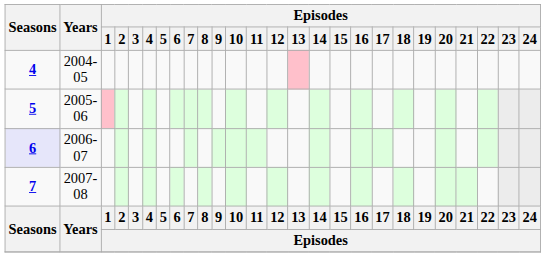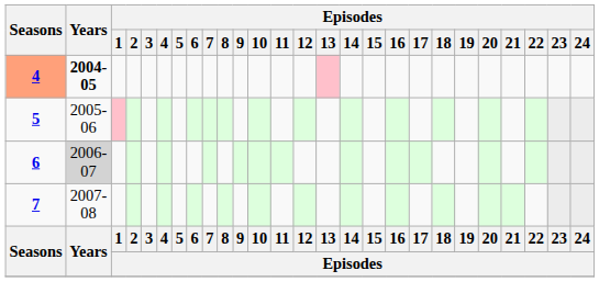 <table class="wikitable" style="text-align:center; margin:auto; width:5%;">
 <tr>
 <th colspan="1" rowspan="2" style="text-align:center;">Seasons</th>
 <th colspan="1" rowspan="2" style="text-align:center;">Years</th>
 <th colspan="24"  style="text-align:center;">Episodes</th>
 </tr>
 <tr>
 <th colspan="1" style="text-align:center;">1</th>
 <th colspan="1" style="text-align:center;">2</th>
 <th colspan="1" style="text-align:center;">3</th>
 <th colspan="1" style="text-align:center;">4</th>
 <th colspan="1" style="text-align:center;">5</th>
 <th colspan="1" style="text-align:center;">6</th>
 <th colspan="1" style="text-align:center;">7</th>
 <th colspan="1" style="text-align:center;">8</th>
 <th colspan="1" style="text-align:center;">9</th>
 <th colspan="1" style="text-align:center;">10</th>
 <th colspan="1" style="text-align:center;">11</th>
 <th colspan="1" style="text-align:center;">12</th>
 <th colspan="1" style="text-align:center;">13</th>
 <th colspan="1" style="text-align:center;">14</th>
 <th colspan="1" style="text-align:center;">15</th>
 <th colspan="1" style="text-align:center;">16</th>
 <th colspan="1" style="text-align:center;">17</th>
 <th colspan="1" style="text-align:center;">18</th>
 <th colspan="1" style="text-align:center;">19</th>
 <th colspan="1" style="text-align:center;">20</th>
 <th colspan="1" style="text-align:center;">21</th>
 <th colspan="1" style="text-align:center;">22</th>
 <th colspan="1" style="text-align:center;">23</th>
 <th colspan="1" style="text-align:center;">24</th>
 </tr>
 <tr>
-<td><strong><a href='#'>4</a></strong></td>
-<td>2004-05</td>
+<td style="background: lightsalmon;"><strong><a href='#'>4</a></strong></td>
+<td><strong>2004-05</strong></td>
 <td></td>
 <td></td>
 <td></td>
 <td></td>
 <td></td>
 <td></td>
 <td></td>
 <td></td>
 <td></td>
 <td></td>
 <td></td>
 <td></td>
 <td colspan="1" style="background: pink"> </td>
 <td></td>
 <td></td>
 <td></td>
 <td></td>
 <td></td>
 <td></td>
 <td></td>
 <td></td>
 <td></td>
 <td></td>
 <td></td>
 </tr>
 <tr>
 <td><strong><a href='#'>5</a></strong></td>
 <td>2005-06</td>
 <td colspan="1" style="background: pink"> </td>
 <td colspan="1" style="background:#dfd; text-align:center;"></td>
 <td></td>
 <td colspan="1" style="background:#dfd; text-align:center;"></td>
 <td></td>
 <td colspan="1" style="background:#dfd; text-align:center;"></td>
 <td colspan="1" style="background:#dfd; text-align:center;"></td>
 <td colspan="1" style="background:#dfd; text-align:center;"></td>
 <td></td>
 <td colspan="1" style="background:#dfd; text-align:center;"></td>
 <td></td>
 <td colspan="1" style="background:#dfd; text-align:center;"></td>
 <td></td>
 <td colspan="1" style="background:#dfd; text-align:center;"></td>
 <td></td>
 <td colspan="1" style="background:#dfd; text-align:center;"></td>
 <td></td>
 <td colspan="1" style="background:#dfd; text-align:center;"></td>
 <td></td>
 <td colspan="1" style="background:#dfd; text-align:center;"></td>
 <td></td>
 <td colspan="1" style="background:#dfd; text-align:center;"></td>
 <td colspan="1" style="background:#ececec; color:gray; vertical-align:middle; text-align:center;" class="table-na"></td>
 <td colspan="1" style="background:#ececec; color:gray; vertical-align:middle; text-align:center;" class="table-na"></td>
 </tr>
 <tr>
-<td style="background: lavender;"><strong><a href='#'>6</a></strong></td>
-<td>2006-07</td>
+<td><strong><a href='#'>6</a></strong></td>
+<td style="background: lightgrey;">2006-07</td>
 <td></td>
 <td colspan="1" style="background:#dfd; text-align:center;"></td>
 <td></td>
 <td colspan="1" style="background:#dfd; text-align:center;"></td>
 <td></td>
 <td></td>
 <td colspan="1" style="background:#dfd; text-align:center;"></td>
 <td></td>
 <td colspan="1" style="background:#dfd; text-align:center;"></td>
 <td colspan="1" style="background:#dfd; text-align:center;"></td>
 <td colspan="1" style="background:#dfd; text-align:center;"></td>
 <td></td>
 <td></td>
 <td colspan="1" style="background:#dfd; text-align:center;"></td>
 <td></td>
 <td colspan="1" style="background:#dfd; text-align:center;"></td>
 <td colspan="1" style="background:#dfd; text-align:center;"></td>
 <td></td>
 <td></td>
 <td colspan="1" style="background:#dfd; text-align:center;"></td>
 <td></td>
 <td colspan="1" style="background:#dfd; text-align:center;"></td>
 <td colspan="1" style="background:#ececec; color:gray; vertical-align:middle; text-align:center;" class="table-na"></td>
 <td colspan="1" style="background:#ececec; color:gray; vertical-align:middle; text-align:center;" class="table-na"></td>
 </tr>
 <tr>
 <td><strong><a href='#'>7</a></strong></td>
 <td>2007-08</td>
 <td></td>
 <td colspan="1" style="background:#dfd; text-align:center;"></td>
 <td></td>
 <td colspan="1" style="background:#dfd; text-align:center;"></td>
 <td></td>
 <td colspan="1" style="background:#dfd; text-align:center;"></td>
 <td></td>
 <td colspan="1" style="background:#dfd; text-align:center;"></td>
 <td></td>
 <td colspan="1" style="background:#dfd; text-align:center;"></td>
 <td></td>
 <td colspan="1" style="background:#dfd; text-align:center;"></td>
 <td></td>
 <td colspan="1" style="background:#dfd; text-align:center;"></td>
 <td></td>
 <td colspan="1" style="background:#dfd; text-align:center;"></td>
 <td></td>
 <td colspan="1" style="background:#dfd; text-align:center;"></td>
 <td></td>
 <td colspan="1" style="background:#dfd; text-align:center;"></td>
 <td colspan="1" style="background:#dfd; text-align:center;"></td>
 <td></td>
 <td colspan="1" style="background:#ececec; color:gray; vertical-align:middle; text-align:center;" class="table-na"></td>
 <td colspan="1" style="background:#ececec; color:gray; vertical-align:middle; text-align:center;" class="table-na"></td>
 </tr>
 <tr>
 <th rowspan="2" colspan="1" style="text-align:center;">Seasons</th>
 <th colspan="1" rowspan="2" style="text-align:center;">Years</th>
 <th colspan="1" style="text-align:center;">1</th>
 <th colspan="1" style="text-align:center;">2</th>
 <th colspan="1" style="text-align:center;">3</th>
 <th colspan="1" style="text-align:center;">4</th>
 <th colspan="1" style="text-align:center;">5</th>
 <th colspan="1" style="text-align:center;">6</th>
 <th colspan="1" style="text-align:center;">7</th>
 <th colspan="1" style="text-align:center;">8</th>
 <th colspan="1" style="text-align:center;">9</th>
 <th colspan="1" style="text-align:center;">10</th>
 <th colspan="1" style="text-align:center;">11</th>
 <th colspan="1" style="text-align:center;">12</th>
 <th colspan="1" style="text-align:center;">13</th>
 <th colspan="1" style="text-align:center;">14</th>
 <th colspan="1" style="text-align:center;">15</th>
 <th colspan="1" style="text-align:center;">16</th>
 <th colspan="1" style="text-align:center;">17</th>
 <th colspan="1" style="text-align:center;">18</th>
 <th colspan="1" style="text-align:center;">19</th>
 <th colspan="1" style="text-align:center;">20</th>
 <th colspan="1" style="text-align:center;">21</th>
 <th colspan="1" style="text-align:center;">22</th>
 <th colspan="1" style="text-align:center;">23</th>
 <th colspan="1" style="text-align:center;">24</th>
 </tr>
 <tr>
 <th colspan="24"  style="text-align:center;">Episodes</th>
 </tr>
 <tr>
 </tr>
 </table>
